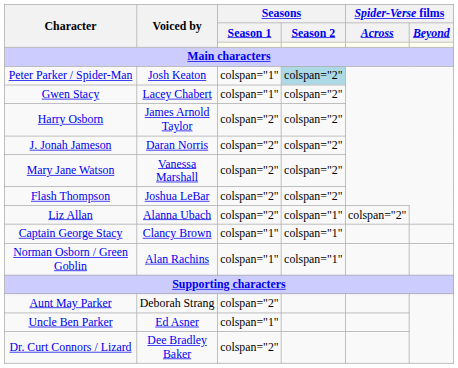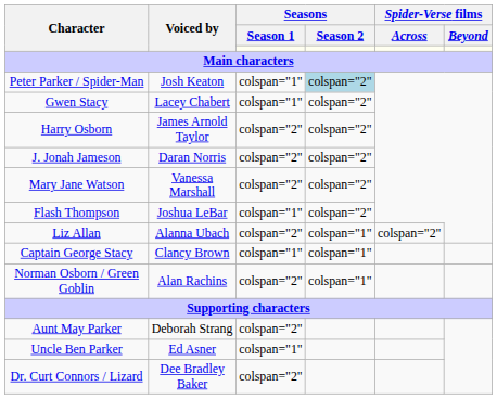 <table class="wikitable plainrowheaders" style="text-align:center;">
 <tr>
 <th scope="col" width="34%" rowspan="3">Character</th>
 <th scope="col" width="20%" rowspan="3">Voiced by</th>
 <th scope="col" colspan="2"><a href='#'>Seasons</a></th>
 <th scope="col" colspan="2"><a href='#'><em>Spider-Verse</em> films</a></th>
 </tr>
 <tr>
 <th width="11%"><a href='#'>Season 1</a></th>
 <th width="11%"><a href='#'>Season 2</a></th>
 <th width="10%"><a href='#'><em>Across</em></a></th>
 <th width="10%"><a href='#'><em>Beyond</em></a></th>
 </tr>
 <tr>
 <th style="background:ivory;"></th>
 <th style="background:ivory;"></th>
 <th style="background:ivory;"></th>
 <th style="background:ivory;"></th>
 </tr>
 <tr>
 <th colspan="6" style="background:#ccf;"><a href='#'>Main characters</a></th>
 </tr>
 <tr>
 <td scope="row"><a href='#'>Peter Parker / Spider-Man</a></td>
 <td><a href='#'>Josh Keaton</a></td>
 <td>colspan="1" </td>
 <td style="background: lightblue;">colspan="2" </td>
 </tr>
 <tr>
 <td scope="row"><a href='#'>Gwen Stacy</a></td>
 <td><a href='#'>Lacey Chabert</a></td>
 <td>colspan="1" </td>
 <td>colspan="2" </td>
 </tr>
 <tr>
 <td scope="row"><a href='#'>Harry Osborn</a></td>
 <td><a href='#'>James Arnold Taylor</a></td>
 <td>colspan="2" </td>
 <td>colspan="2" </td>
 </tr>
 <tr>
 <td scope="row"><a href='#'>J. Jonah Jameson</a></td>
 <td><a href='#'>Daran Norris</a></td>
 <td>colspan="2" </td>
 <td>colspan="2" </td>
 </tr>
 <tr>
 <td scope="row"><a href='#'>Mary Jane Watson</a></td>
 <td><a href='#'>Vanessa Marshall</a></td>
 <td>colspan="2" </td>
 <td>colspan="2" </td>
 </tr>
 <tr>
 <td scope="row"><a href='#'>Flash Thompson</a></td>
 <td><a href='#'>Joshua LeBar</a></td>
-<td>colspan="2" </td>
+<td>colspan="1" </td>
 <td>colspan="2" </td>
 </tr>
 <tr>
 <td scope="row"><a href='#'>Liz Allan</a></td>
 <td><a href='#'>Alanna Ubach</a></td>
 <td>colspan="2" </td>
 <td>colspan="1" </td>
 <td>colspan="2" </td>
 </tr>
 <tr>
 <td scope="row"><a href='#'>Captain George Stacy</a></td>
 <td><a href='#'>Clancy Brown</a></td>
 <td>colspan="1" </td>
 <td>colspan="1" </td>
 <td></td>
 <td></td>
 </tr>
 <tr>
 <td scope="row"><a href='#'>Norman Osborn / Green Goblin</a></td>
 <td><a href='#'>Alan Rachins</a></td>
-<td>colspan="1" </td>
+<td>colspan="2" </td>
 <td>colspan="1" </td>
 <td></td>
 <td></td>
 </tr>
 <tr>
 <th colspan="6" style="background:#ccf;"><a href='#'>Supporting characters</a></th>
 </tr>
 <tr>
 <td scope="row"><a href='#'>Aunt May Parker</a></td>
 <td>Deborah Strang</td>
 <td>colspan="2" </td>
 <td></td>
 <td></td>
 </tr>
 <tr>
 <td scope="row"><a href='#'>Uncle Ben Parker</a></td>
 <td><a href='#'>Ed Asner</a></td>
 <td>colspan="1" </td>
 <td></td>
 <td></td>
 </tr>
 <tr>
 <td scope="row"><a href='#'>Dr. Curt Connors / Lizard</a></td>
 <td><a href='#'>Dee Bradley Baker</a></td>
 <td>colspan="2" </td>
 <td></td>
 <td></td>
 </tr>
 </table>
